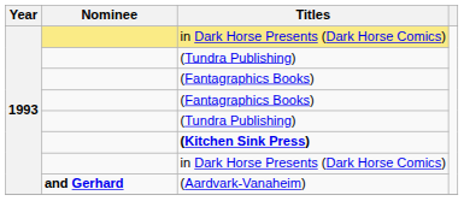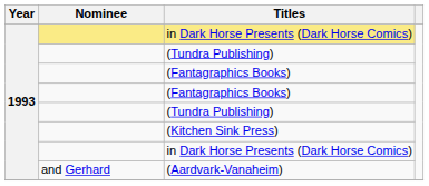 <table class="wikitable sortable" style="text-align:left;">
 <tr>
 <th scope="col" style="width:8%;">Year</th>
 <th scope="col" style="width:30%;">Nominee</th>
 <th scope="col" style="width:60%;">Titles</th>
 <th scope="col" style="width:2%;" class="unsortable"></th>
 </tr>
 <tr>
 <th scope="row" rowspan=8 style="text-align:center">1993</th>
 <td style="background:#FAEB86;"></td>
 <td style="background:#FAEB86;"> in <a href='#'>Dark Horse Presents</a> (<a href='#'>Dark Horse Comics</a>)</td>
 <td rowspan=8></td>
 </tr>
 <tr>
 <td style="background:;"></td>
 <td style="background:;"> (<a href='#'>Tundra Publishing</a>)</td>
 </tr>
 <tr>
 <td style="background:;"></td>
 <td style="background:;"> (<a href='#'>Fantagraphics Books</a>)</td>
 </tr>
 <tr>
 <td style="background:;"></td>
 <td style="background:;"> (<a href='#'>Fantagraphics Books</a>)</td>
 </tr>
 <tr>
 <td style="background:;"></td>
 <td style="background:;"> (<a href='#'>Tundra Publishing</a>)</td>
 </tr>
 <tr>
 <td style="background:;"></td>
-<td style="background:;"><strong> (<a href='#'>Kitchen Sink Press</a>)</strong></td>
+<td style="background:;"> (<a href='#'>Kitchen Sink Press</a>)</td>
 </tr>
 <tr>
 <td style="background:;"></td>
 <td style="background:;"> in <a href='#'>Dark Horse Presents</a> (<a href='#'>Dark Horse Comics</a>)</td>
 </tr>
 <tr>
-<td style="background:;"><strong> and <a href='#'>Gerhard</a></strong></td>
+<td style="background:;"> and <a href='#'>Gerhard</a></td>
 <td style="background:;"> (<a href='#'>Aardvark-Vanaheim</a>)</td>
 </tr>
 <tr>
 </tr>
 </table>
